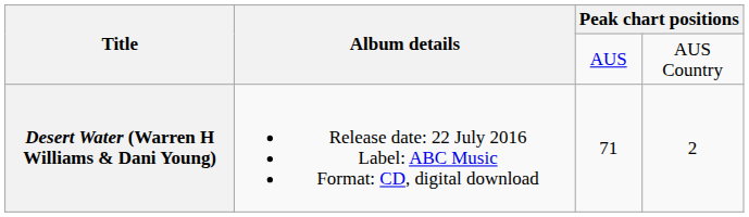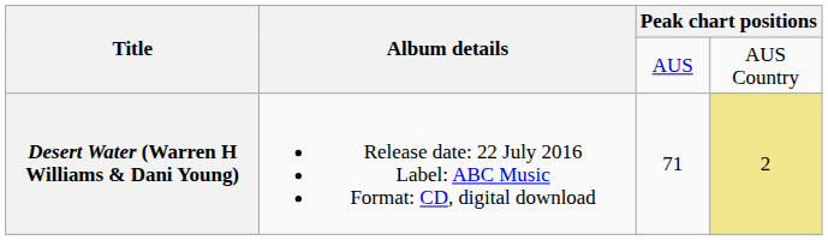 <table class="wikitable plainrowheaders" style="text-align:center;">
 <tr>
 <th scope="col" rowspan="2" style="width:12em;">Title</th>
 <th scope="col" rowspan="2" style="width:18em;">Album details</th>
 <th scope="col" colspan="2">Peak chart positions</th>
 </tr>
 <tr>
 <td><a href='#'>AUS</a></td>
 <td>AUS<br>Country</td>
 </tr>
 <tr>
 <th scope="row"><em>Desert Water</em> (Warren H Williams & Dani Young)</th>
 <td><br><ul><li>Release date: 22 July 2016</li><li>Label: <a href='#'>ABC Music</a></li><li>Format: <a href='#'>CD</a>, digital download</li></ul></td>
 <td>71</td>
-<td>2</td>
+<td style="background: khaki;">2</td>
 </tr>
 </table>
